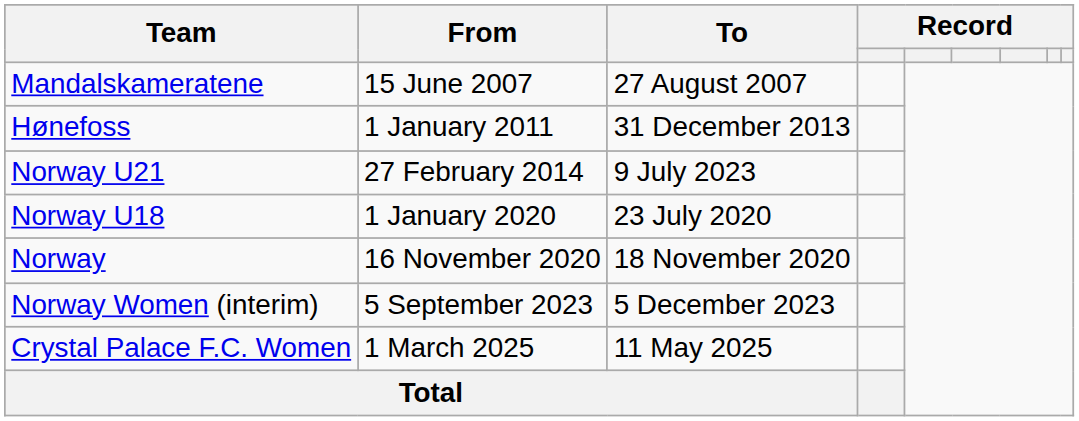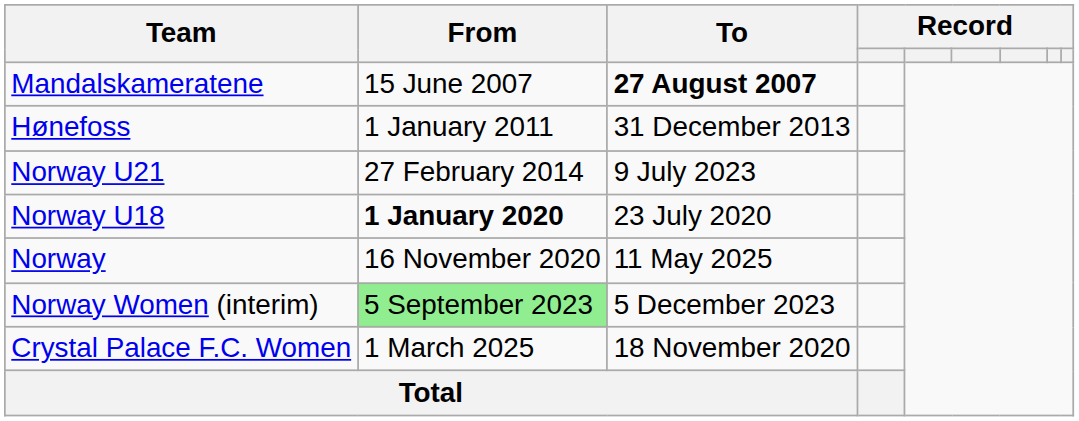 <table class="wikitable" style="text-align:centre">
 <tr>
 <th rowspan=2>Team</th>
 <th rowspan=2>From</th>
 <th rowspan=2>To</th>
 <th colspan=8>Record</th>
 </tr>
 <tr>
 <th width="20"></th>
 <th width="20"></th>
 <th width="20"></th>
 <th width="20"></th>
 <th></th>
 <th></th>
 </tr>
 <tr>
 <td align=left><a href='#'>Mandalskameratene</a></td>
 <td align=left>15 June 2007</td>
-<td align=left>27 August 2007<br></td>
+<td align=left><strong>27 August 2007<br></strong></td>
 <td></td>
 </tr>
 <tr>
 <td align=left><a href='#'>Hønefoss</a></td>
 <td align=left>1 January 2011</td>
 <td align=left>31 December 2013<br></td>
 <td></td>
 </tr>
 <tr>
 <td align=left><a href='#'>Norway U21</a></td>
 <td align=left>27 February 2014</td>
 <td align=left>9 July 2023<br></td>
 <td></td>
 </tr>
 <tr>
 <td align=left><a href='#'>Norway U18</a></td>
-<td align=left>1 January 2020</td>
+<td align=left><strong>1 January 2020</strong></td>
 <td align=left>23 July 2020<br></td>
 <td></td>
 </tr>
 <tr>
 <td align=left><a href='#'>Norway</a></td>
 <td align=left>16 November 2020</td>
-<td align=left>18 November 2020<br></td>
+<td align=left>11 May 2025<br></td>
 <td></td>
 </tr>
 <tr>
 <td align=left><a href='#'>Norway Women</a> (interim)</td>
-<td align=left>5 September 2023</td>
+<td align=left style="background: lightgreen;">5 September 2023</td>
 <td align=left>5 December 2023<br></td>
 <td></td>
 </tr>
 <tr>
 <td align=left><a href='#'>Crystal Palace F.C. Women</a></td>
 <td align=left>1 March 2025</td>
-<td align=left>11 May 2025<br></td>
+<td align=left>18 November 2020<br></td>
 <td></td>
 </tr>
 <tr>
 <th colspan=3>Total<br></th>
 <th></th>
 </tr>
 </table>
